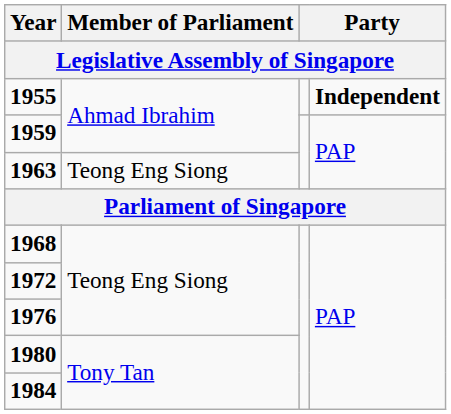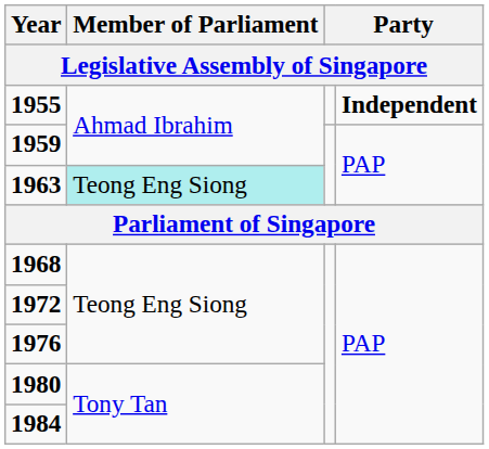 <table class="wikitable">
 <tr>
 <th>Year</th>
 <th>Member of Parliament</th>
 <th colspan="2">Party</th>
 </tr>
 <tr>
 <th colspan="4"><a href='#'>Legislative Assembly of Singapore</a></th>
 </tr>
 <tr>
 <td><strong>1955</strong></td>
 <td rowspan="2"><a href='#'>Ahmad Ibrahim</a></td>
 <td></td>
 <td><strong>Independent</strong></td>
 </tr>
 <tr>
 <td><strong>1959</strong></td>
 <td rowspan="2"></td>
 <td rowspan="2"><a href='#'>PAP</a></td>
 </tr>
 <tr>
 <td><strong>1963</strong></td>
-<td>Teong Eng Siong</td>
+<td style="background: paleturquoise;">Teong Eng Siong</td>
 </tr>
 <tr>
 <th colspan="4"><a href='#'>Parliament of Singapore</a></th>
 </tr>
 <tr>
 <td><strong>1968</strong></td>
 <td rowspan="3">Teong Eng Siong</td>
 <td rowspan="5"></td>
 <td rowspan="5"><a href='#'>PAP</a></td>
 </tr>
 <tr>
 <td><strong>1972</strong></td>
 </tr>
 <tr>
 <td><strong>1976</strong></td>
 </tr>
 <tr>
 <td><strong>1980</strong></td>
 <td rowspan="2"><a href='#'>Tony Tan</a></td>
 </tr>
 <tr>
 <td><strong>1984</strong></td>
 </tr>
 </table>
